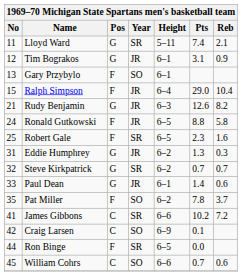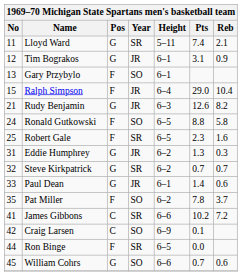 <table class="wikitable sortable" style="font-size: 90%" |->
 <tr>
 <th colspan=9 style=>1969–70 Michigan State Spartans men's basketball team</th>
 </tr>
 <tr>
 <th style="background:#">No</th>
 <th style="background:#">Name</th>
 <th style="background:#">Pos</th>
 <th style="background:#">Year</th>
 <th style="background:#">Height</th>
 <th style="background:#">Pts</th>
 <th style="background:#">Reb</th>
 </tr>
 <tr>
 <td>11</td>
 <td>Lloyd Ward</td>
 <td>G</td>
 <td>SR</td>
 <td>5–11</td>
 <td>7.4</td>
 <td>2.1</td>
 </tr>
 <tr>
 <td>12</td>
 <td>Tim Bograkos</td>
 <td>G</td>
 <td>JR</td>
 <td>6–1</td>
 <td>3.1</td>
 <td>0.9</td>
 </tr>
 <tr>
 <td>13</td>
 <td>Gary Przybylo</td>
 <td>F</td>
 <td>SO</td>
 <td>6–1</td>
 <td></td>
 <td></td>
 </tr>
 <tr>
 <td>15</td>
 <td><a href='#'>Ralph Simpson</a></td>
 <td>F</td>
 <td>JR</td>
 <td>6–4</td>
 <td>29.0</td>
 <td>10.4</td>
 </tr>
 <tr>
 <td>21</td>
 <td>Rudy Benjamin</td>
 <td>G</td>
 <td>JR</td>
 <td>6–3</td>
 <td>12.6</td>
 <td>8.2</td>
 </tr>
 <tr>
 <td>24</td>
 <td>Ronald Gutkowski</td>
 <td>F</td>
-<td>JR</td>
+<td>SO</td>
 <td>6–5</td>
 <td>8.8</td>
 <td>5.8</td>
 </tr>
 <tr>
 <td>25</td>
 <td>Robert Gale</td>
 <td>F</td>
 <td>SR</td>
 <td>6–5</td>
 <td>2.3</td>
 <td>1.6</td>
 </tr>
 <tr>
 <td>31</td>
 <td>Eddie Humphrey</td>
 <td>G</td>
 <td>JR</td>
 <td>6–2</td>
 <td>1.3</td>
 <td>0.3</td>
 </tr>
 <tr>
 <td>32</td>
 <td>Steve Kirkpatrick</td>
 <td>G</td>
 <td>SR</td>
 <td>6–2</td>
 <td>0.7</td>
 <td>0.7</td>
 </tr>
 <tr>
 <td>33</td>
 <td>Paul Dean</td>
 <td>G</td>
 <td>JR</td>
 <td>6–1</td>
 <td>1.4</td>
 <td>0.6</td>
 </tr>
 <tr>
 <td>35</td>
 <td>Pat Miller</td>
 <td>F</td>
 <td>SO</td>
 <td>6–2</td>
 <td>7.8</td>
 <td>3.7</td>
 </tr>
 <tr>
 <td>41</td>
 <td>James Gibbons</td>
 <td>C</td>
 <td>SR</td>
 <td>6–6</td>
 <td>10.2</td>
 <td>7.2</td>
 </tr>
 <tr>
 <td>42</td>
 <td>Craig Larsen</td>
 <td>C</td>
 <td>SO</td>
 <td>6–9</td>
 <td>0.1</td>
 <td></td>
 </tr>
 <tr>
 <td>44</td>
 <td>Ron Binge</td>
 <td>F</td>
 <td>SR</td>
 <td>6–5</td>
 <td>0.0</td>
 <td></td>
 </tr>
 <tr>
 <td>45</td>
 <td>William Cohrs</td>
-<td>C</td>
+<td>G</td>
 <td>SO</td>
 <td>6–6</td>
 <td>0.7</td>
 <td>0.6</td>
 </tr>
 <tr>
 </tr>
 </table>
